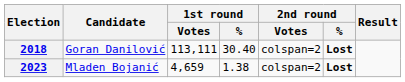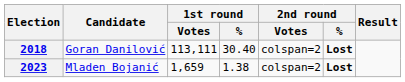 <table class="wikitable">
 <tr>
 <th rowspan=2>Election</th>
 <th rowspan=2>Candidate</th>
 <th colspan=2>1st round</th>
 <th colspan=2>2nd round</th>
 <th rowspan=2>Result</th>
 </tr>
 <tr>
 <th>Votes</th>
 <th>%</th>
 <th>Votes</th>
 <th>%</th>
 </tr>
 <tr>
 <th><a href='#'>2018</a></th>
 <td><a href='#'>Goran Danilović</a></td>
 <td>113,111</td>
 <td>30.40</td>
 <td>colspan=2 </td>
 <td><strong>Lost</strong> </td>
 </tr>
 <tr>
 <th><a href='#'>2023</a></th>
 <td><a href='#'>Mladen Bojanić</a></td>
-<td>4,659</td>
+<td>1,659</td>
 <td>1.38</td>
 <td>colspan=2 </td>
 <td><strong>Lost</strong> </td>
 </tr>
 </table>
